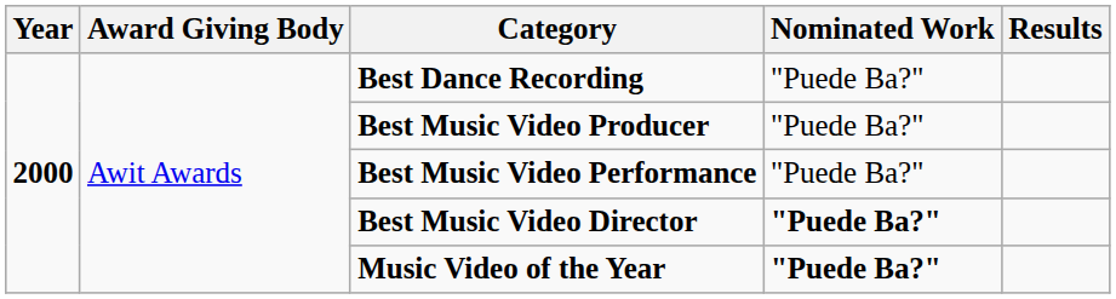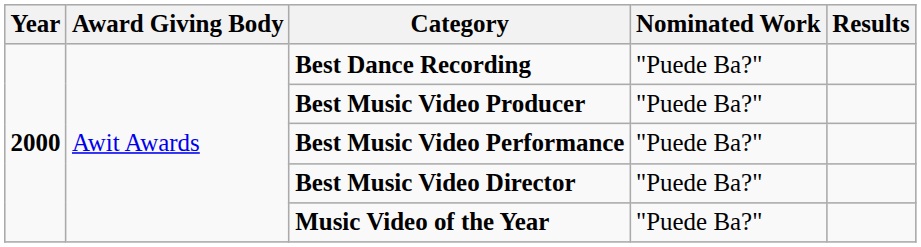 <table class="wikitable">
 <tr>
 <th>Year</th>
 <th>Award Giving Body</th>
 <th>Category</th>
 <th>Nominated Work</th>
 <th>Results</th>
 </tr>
 <tr>
 <td rowspan=5><strong>2000</strong></td>
 <td rowspan=5><a href='#'>Awit Awards</a></td>
 <td><strong>Best Dance Recording</strong></td>
 <td>"Puede Ba?"</td>
 <td></td>
 </tr>
 <tr>
 <td><strong>Best Music Video Producer</strong></td>
 <td>"Puede Ba?"</td>
 <td></td>
 </tr>
 <tr>
 <td><strong>Best Music Video Performance</strong></td>
 <td>"Puede Ba?"</td>
 <td></td>
 </tr>
 <tr>
 <td><strong>Best Music Video Director</strong></td>
-<td><strong>"Puede Ba?"</strong></td>
+<td>"Puede Ba?"</td>
 <td></td>
 </tr>
 <tr>
 <td><strong>Music Video of the Year</strong></td>
-<td><strong>"Puede Ba?"</strong></td>
+<td>"Puede Ba?"</td>
 <td></td>
 </tr>
 </table>
